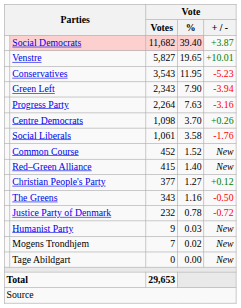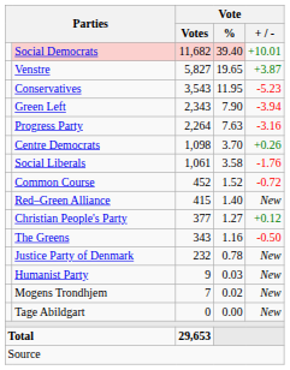 <table class="wikitable" style="text-align:right;">
 <tr>
 <th style="text-align:centre;" rowspan="2" colspan="2" width="225">Parties</th>
 <th colspan="3">Vote</th>
 </tr>
 <tr>
 <th width="15">Votes</th>
 <th width="15">%</th>
 <th width="15">+ / -</th>
 </tr>
 <tr>
 <td width="2" style="color:inherit;background:"></td>
 <td bgcolor=#fbd0ce  align="left"><a href='#'>Social Democrats</a></td>
 <td bgcolor=#fbd0ce>11,682</td>
 <td bgcolor=#fbd0ce>39.40</td>
-<td style=color:green;>+3.87</td>
+<td style=color:green;>+10.01</td>
 </tr>
 <tr>
 <td width="2" style="color:inherit;background:"></td>
 <td align="left"><a href='#'>Venstre</a></td>
 <td>5,827</td>
 <td>19.65</td>
-<td style=color:green;>+10.01</td>
+<td style=color:green;>+3.87</td>
 </tr>
 <tr>
 <td width="2" style="color:inherit;background:"></td>
 <td align="left"><a href='#'>Conservatives</a></td>
 <td>3,543</td>
 <td>11.95</td>
 <td style=color:red;>-5.23</td>
 </tr>
 <tr>
 <td width="2" style="color:inherit;background:"></td>
 <td align="left"><a href='#'>Green Left</a></td>
 <td>2,343</td>
 <td>7.90</td>
 <td style=color:red;>-3.94</td>
 </tr>
 <tr>
 <td width="2" style="color:inherit;background:"></td>
 <td align="left"><a href='#'>Progress Party</a></td>
 <td>2,264</td>
 <td>7.63</td>
 <td style=color:red;>-3.16</td>
 </tr>
 <tr>
 <td width="2" style="color:inherit;background:"></td>
 <td align="left"><a href='#'>Centre Democrats</a></td>
 <td>1,098</td>
 <td>3.70</td>
 <td style=color:green;>+0.26</td>
 </tr>
 <tr>
 <td width="2" style="color:inherit;background:"></td>
 <td align="left"><a href='#'>Social Liberals</a></td>
 <td>1,061</td>
 <td>3.58</td>
 <td style=color:red;>-1.76</td>
 </tr>
 <tr>
 <td width="2" style="color:inherit;background:"></td>
 <td align="left"><a href='#'>Common Course</a></td>
 <td>452</td>
 <td>1.52</td>
-<td><em>New</em></td>
+<td style=color:red;>-0.72</td>
 </tr>
 <tr>
 <td width="2" style="color:inherit;background:"></td>
 <td align="left"><a href='#'>Red–Green Alliance</a></td>
 <td>415</td>
 <td>1.40</td>
 <td><em>New</em></td>
 </tr>
 <tr>
 <td width="2" style="color:inherit;background:"></td>
 <td align="left"><a href='#'>Christian People's Party</a></td>
 <td>377</td>
 <td>1.27</td>
 <td style=color:green;>+0.12</td>
 </tr>
 <tr>
 <td width="2" style="color:inherit;background:"></td>
 <td align="left"><a href='#'>The Greens</a></td>
 <td>343</td>
 <td>1.16</td>
 <td style=color:red;>-0.50</td>
 </tr>
 <tr>
 <td width="2" style="color:inherit;background:"></td>
 <td align="left"><a href='#'>Justice Party of Denmark</a></td>
 <td>232</td>
 <td>0.78</td>
-<td style=color:red;>-0.72</td>
+<td><em>New</em></td>
 </tr>
 <tr>
 <td width="2" style="color:inherit;background:"></td>
 <td align="left"><a href='#'>Humanist Party</a></td>
 <td>9</td>
 <td>0.03</td>
 <td><em>New</em></td>
 </tr>
 <tr>
 <td width="2" style="color:inherit;background:"></td>
 <td align="left">Mogens Trondhjem</td>
 <td>7</td>
 <td>0.02</td>
 <td><em>New</em></td>
 </tr>
 <tr>
 <td width="2" style="color:inherit;background:"></td>
 <td align="left">Tage Abildgart</td>
 <td>0</td>
 <td>0.00</td>
 <td><em>New</em></td>
 </tr>
 <tr>
 <td colspan="7" bgcolor="#E9E9E9"></td>
 </tr>
 <tr>
 <td align="left" colspan="2"><strong>Total</strong></td>
 <td><strong>29,653</strong></td>
 <td bgcolor="#E9E9E9" colspan="2"></td>
 </tr>
 <tr>
 <td align="left" colspan="6">Source</td>
 </tr>
 </table>
